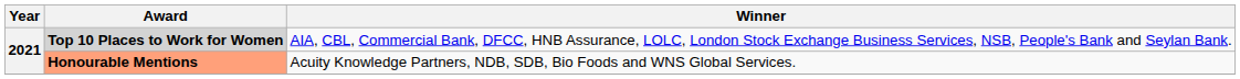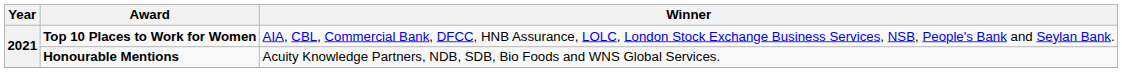 <table class="wikitable">
 <tr>
 <th>Year</th>
 <th>Award</th>
 <th>Winner</th>
 </tr>
 <tr>
 <th rowspan="2">2021</th>
-<td style="background: lightgrey;"><strong>Top 10 Places to Work for Women</strong></td>
+<td><strong>Top 10 Places to Work for Women</strong></td>
 <td><a href='#'>AIA</a>, <a href='#'>CBL</a>, <a href='#'>Commercial Bank</a>, <a href='#'>DFCC</a>, HNB Assurance, <a href='#'>LOLC</a>, <a href='#'>London Stock Exchange Business Services</a>, <a href='#'>NSB</a>, <a href='#'>People's Bank</a> and <a href='#'>Seylan Bank</a>.</td>
 </tr>
 <tr>
-<td style="background: lightsalmon;"><strong>Honourable Mentions</strong></td>
+<td><strong>Honourable Mentions</strong></td>
 <td>Acuity Knowledge Partners, NDB, SDB, Bio Foods and WNS Global Services.</td>
 </tr>
 <tr>
 </tr>
 </table>
